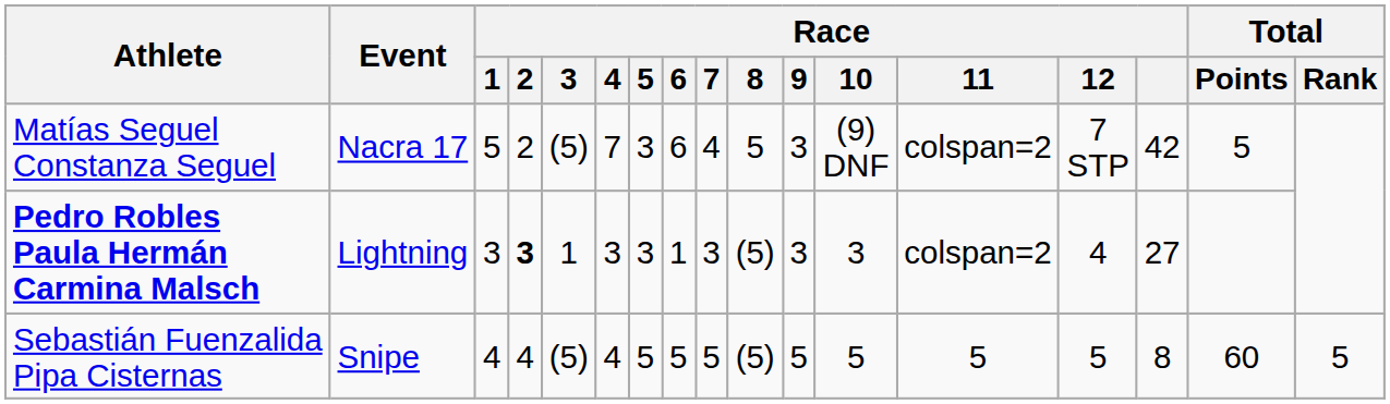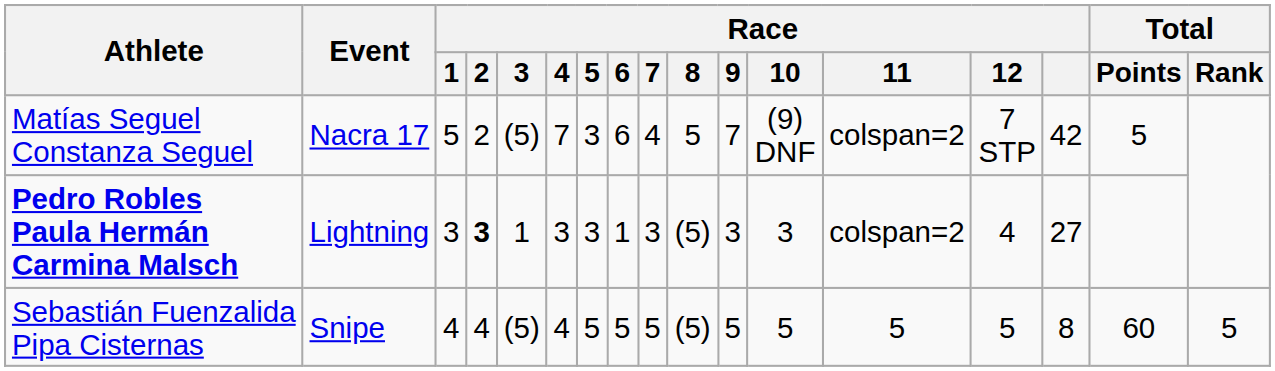 <table class=wikitable style=font-size:90%;text-align:center>
 <tr>
 <th rowspan=2>Athlete</th>
 <th rowspan=2>Event</th>
 <th colspan=13>Race</th>
 <th colspan=2>Total</th>
 </tr>
 <tr style=font-size:95%>
 <th>1</th>
 <th>2</th>
 <th>3</th>
 <th>4</th>
 <th>5</th>
 <th>6</th>
 <th>7</th>
 <th>8</th>
 <th>9</th>
 <th>10</th>
 <th>11</th>
 <th>12</th>
 <th></th>
 <th>Points</th>
 <th>Rank</th>
 </tr>
 <tr>
 <td style="text-align:left"><a href='#'>Matías Seguel</a><br><a href='#'>Constanza Seguel</a></td>
 <td style="text-align:left"><a href='#'>Nacra 17</a></td>
 <td>5</td>
 <td>2</td>
 <td>(5)</td>
 <td>7</td>
 <td>3</td>
 <td>6</td>
 <td>4</td>
 <td>5</td>
-<td>3</td>
+<td>7</td>
 <td>(9)<br>DNF</td>
 <td>colspan=2 </td>
 <td>7<br>STP</td>
 <td>42</td>
 <td>5</td>
 </tr>
 <tr>
 <td style="text-align:left"><strong><a href='#'>Pedro Robles</a><br><a href='#'>Paula Hermán</a><br><a href='#'>Carmina Malsch</a></strong></td>
 <td style="text-align:left"><a href='#'>Lightning</a></td>
 <td>3</td>
 <td><strong>3</strong></td>
 <td>1</td>
 <td>3</td>
 <td>3</td>
 <td>1</td>
 <td>3</td>
 <td>(5)</td>
 <td>3</td>
 <td>3</td>
 <td>colspan=2 </td>
 <td>4</td>
 <td>27</td>
 <td></td>
 </tr>
 <tr>
 <td style="text-align:left"><a href='#'>Sebastián Fuenzalida</a><br><a href='#'>Pipa Cisternas</a></td>
 <td style="text-align:left"><a href='#'>Snipe</a></td>
 <td>4</td>
 <td>4</td>
 <td>(5)</td>
 <td>4</td>
 <td>5</td>
 <td>5</td>
 <td>5</td>
 <td>(5)</td>
 <td>5</td>
 <td>5</td>
 <td>5</td>
 <td>5</td>
 <td>8</td>
 <td>60</td>
 <td>5</td>
 </tr>
 </table>
